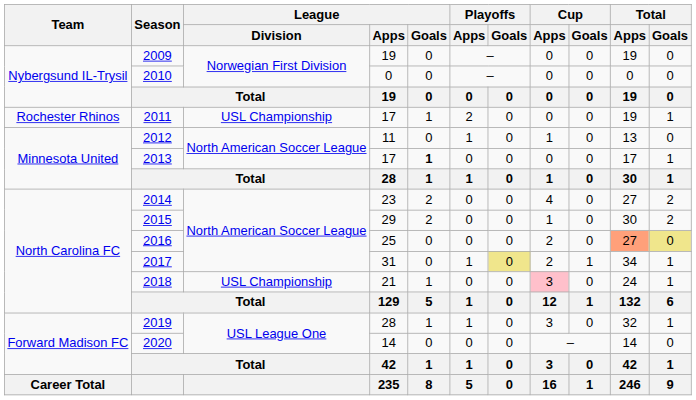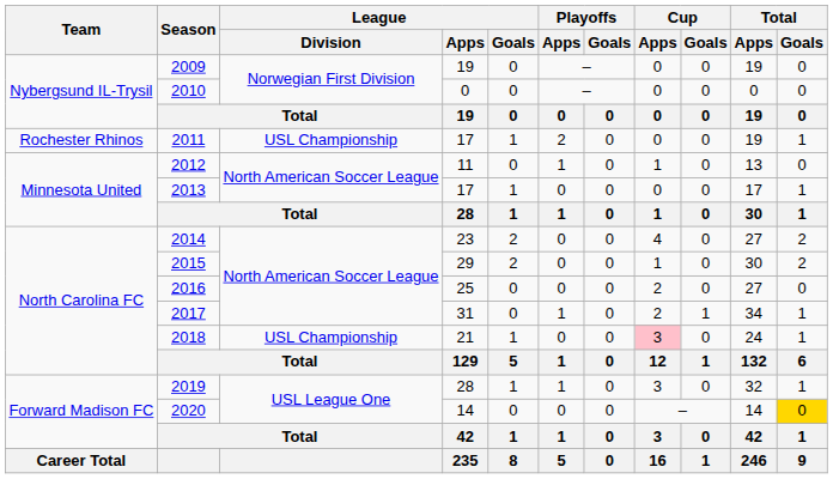 <table class="wikitable" style="text-align: center;">
 <tr>
 <th rowspan="2">Team</th>
 <th rowspan="2">Season</th>
 <th colspan="3">League</th>
 <th colspan="2">Playoffs</th>
 <th colspan="2">Cup</th>
 <th colspan="2">Total</th>
 </tr>
 <tr>
 <th>Division</th>
 <th>Apps</th>
 <th>Goals</th>
 <th>Apps</th>
 <th>Goals</th>
 <th>Apps</th>
 <th>Goals</th>
 <th>Apps</th>
 <th>Goals</th>
 </tr>
 <tr>
 <td rowspan="3"><a href='#'>Nybergsund IL-Trysil</a></td>
 <td><a href='#'>2009</a></td>
 <td rowspan="2"><a href='#'>Norwegian First Division</a></td>
 <td>19</td>
 <td>0</td>
 <td colspan="2">–</td>
 <td>0</td>
 <td>0</td>
 <td>19</td>
 <td>0</td>
 </tr>
 <tr>
 <td><a href='#'>2010</a></td>
 <td>0</td>
 <td>0</td>
 <td colspan="2">–</td>
 <td>0</td>
 <td>0</td>
 <td>0</td>
 <td>0</td>
 </tr>
 <tr>
 <th colspan="2">Total</th>
 <th>19</th>
 <th>0</th>
 <th>0</th>
 <th>0</th>
 <th>0</th>
 <th>0</th>
 <th>19</th>
 <th>0</th>
 </tr>
 <tr>
 <td><a href='#'>Rochester Rhinos</a></td>
 <td><a href='#'>2011</a></td>
 <td><a href='#'>USL Championship</a></td>
 <td>17</td>
 <td>1</td>
 <td>2</td>
 <td>0</td>
 <td>0</td>
 <td>0</td>
 <td>19</td>
 <td>1</td>
 </tr>
 <tr>
 <td rowspan="3"><a href='#'>Minnesota United</a></td>
 <td><a href='#'>2012</a></td>
 <td rowspan="2"><a href='#'>North American Soccer League</a></td>
 <td>11</td>
 <td>0</td>
 <td>1</td>
 <td>0</td>
 <td>1</td>
 <td>0</td>
 <td>13</td>
 <td>0</td>
 </tr>
 <tr>
 <td><a href='#'>2013</a></td>
 <td>17</td>
-<td><strong>1</strong></td>
+<td>1</td>
 <td>0</td>
 <td>0</td>
 <td>0</td>
 <td>0</td>
 <td>17</td>
 <td>1</td>
 </tr>
 <tr>
 <th colspan="2">Total</th>
 <th>28</th>
 <th>1</th>
 <th>1</th>
 <th>0</th>
 <th>1</th>
 <th>0</th>
 <th>30</th>
 <th>1</th>
 </tr>
 <tr>
 <td rowspan="6"><a href='#'>North Carolina FC</a></td>
 <td><a href='#'>2014</a></td>
 <td rowspan="4"><a href='#'>North American Soccer League</a></td>
 <td>23</td>
 <td>2</td>
 <td>0</td>
 <td>0</td>
 <td>4</td>
 <td>0</td>
 <td>27</td>
 <td>2</td>
 </tr>
 <tr>
 <td><a href='#'>2015</a></td>
 <td>29</td>
 <td>2</td>
 <td>0</td>
 <td>0</td>
 <td>1</td>
 <td>0</td>
 <td>30</td>
 <td>2</td>
 </tr>
 <tr>
 <td><a href='#'>2016</a></td>
 <td>25</td>
 <td>0</td>
 <td>0</td>
 <td>0</td>
 <td>2</td>
 <td>0</td>
-<td style="background: lightsalmon;">27</td>
-<td style="background: khaki;">0</td>
+<td>27</td>
+<td>0</td>
 </tr>
 <tr>
 <td><a href='#'>2017</a></td>
 <td>31</td>
 <td>0</td>
 <td>1</td>
-<td style="background: khaki;">0</td>
+<td>0</td>
 <td>2</td>
 <td>1</td>
 <td>34</td>
 <td>1</td>
 </tr>
 <tr>
 <td><a href='#'>2018</a></td>
 <td><a href='#'>USL Championship</a></td>
 <td>21</td>
 <td>1</td>
 <td>0</td>
 <td>0</td>
 <td style="background: pink;">3</td>
 <td>0</td>
 <td>24</td>
 <td>1</td>
 </tr>
 <tr>
 <th colspan="2">Total</th>
 <th>129</th>
 <th>5</th>
 <th>1</th>
 <th>0</th>
 <th>12</th>
 <th>1</th>
 <th>132</th>
 <th>6</th>
 </tr>
 <tr>
 <td rowspan="3"><a href='#'>Forward Madison FC</a></td>
 <td><a href='#'>2019</a></td>
 <td rowspan="2"><a href='#'>USL League One</a></td>
 <td>28</td>
 <td>1</td>
 <td>1</td>
 <td>0</td>
 <td>3</td>
 <td>0</td>
 <td>32</td>
 <td>1</td>
 </tr>
 <tr>
 <td><a href='#'>2020</a></td>
 <td>14</td>
 <td>0</td>
 <td>0</td>
 <td>0</td>
 <td colspan="2">–</td>
 <td>14</td>
-<td>0</td>
+<td style="background: gold;">0</td>
 </tr>
 <tr>
 <th colspan="2">Total</th>
 <th>42</th>
 <th>1</th>
 <th>1</th>
 <th>0</th>
 <th>3</th>
 <th>0</th>
 <th>42</th>
 <th>1</th>
 </tr>
 <tr>
 <th>Career Total</th>
 <th></th>
 <th></th>
 <th>235</th>
 <th>8</th>
 <th>5</th>
 <th>0</th>
 <th>16</th>
 <th>1</th>
 <th>246</th>
 <th>9</th>
 </tr>
 </table>
